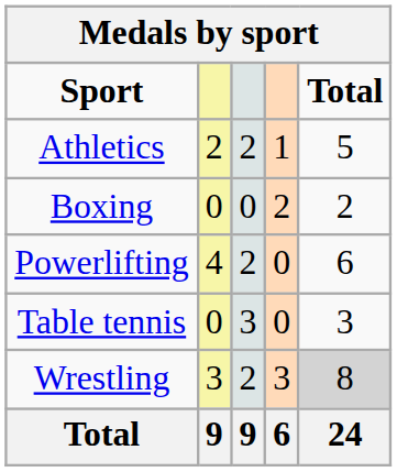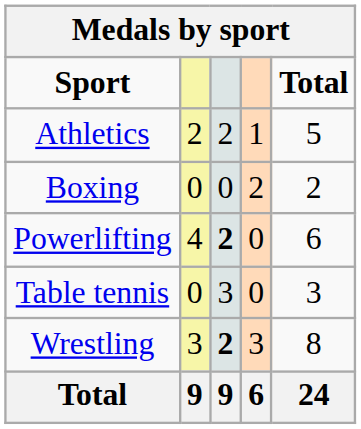 <table class="wikitable" style="font-size:85%; float:right">
 <tr bgcolor=#efefef>
 <th colspan=7>Medals by sport</th>
 </tr>
 <tr align=center>
 <td><strong>Sport</strong></td>
 <td bgcolor=#f7f6a8></td>
 <td bgcolor=#dce5e5></td>
 <td bgcolor=#ffdab9></td>
 <td><strong>Total</strong></td>
 </tr>
 <tr align=center>
 <td><a href='#'>Athletics</a></td>
 <td bgcolor=#f7f6a8>2</td>
 <td bgcolor=#dce5e5>2</td>
 <td bgcolor=#ffdab9>1</td>
 <td>5</td>
 </tr>
 <tr align=center>
 <td><a href='#'>Boxing</a></td>
 <td bgcolor=#f7f6a8>0</td>
 <td bgcolor=#dce5e5>0</td>
 <td bgcolor=#ffdab9>2</td>
 <td>2</td>
 </tr>
 <tr align=center>
 <td><a href='#'>Powerlifting</a></td>
 <td bgcolor=#f7f6a8>4</td>
-<td bgcolor=#dce5e5>2</td>
+<td bgcolor=#dce5e5><strong>2</strong></td>
 <td bgcolor=#ffdab9>0</td>
 <td>6</td>
 </tr>
 <tr align=center>
 <td><a href='#'>Table tennis</a></td>
 <td bgcolor=#f7f6a8>0</td>
 <td bgcolor=#dce5e5>3</td>
 <td bgcolor=#ffdab9>0</td>
 <td>3</td>
 </tr>
 <tr align=center>
 <td><a href='#'>Wrestling</a></td>
 <td bgcolor=#f7f6a8>3</td>
-<td bgcolor=#dce5e5>2</td>
+<td bgcolor=#dce5e5><strong>2</strong></td>
 <td bgcolor=#ffdab9>3</td>
-<td style="background: lightgrey;">8</td>
+<td>8</td>
 </tr>
 <tr align=center>
 <th>Total</th>
 <th bgcolor=gold>9</th>
 <th bgcolor=silver>9</th>
 <th bgcolor=#c96>6</th>
 <th>24</th>
 </tr>
 </table>
